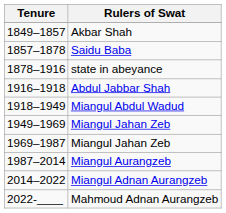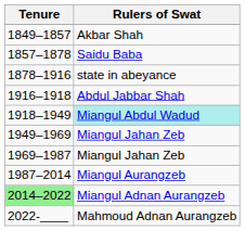 <table class="wikitable">
 <tr>
 <th>Tenure</th>
 <th>Rulers of Swat</th>
 </tr>
 <tr>
 </tr>
 <tr>
 <td>1849–1857</td>
 <td>Akbar Shah</td>
 </tr>
 <tr>
 <td>1857–1878</td>
 <td><a href='#'>Saidu Baba</a></td>
 </tr>
 <tr>
 <td>1878–1916</td>
 <td>state in abeyance</td>
 </tr>
 <tr>
 <td>1916–1918</td>
 <td><a href='#'>Abdul Jabbar Shah</a></td>
 </tr>
 <tr>
 <td>1918–1949</td>
-<td><a href='#'>Miangul Abdul Wadud</a></td>
+<td style="background: paleturquoise;"><a href='#'>Miangul Abdul Wadud</a></td>
 </tr>
 <tr>
 <td>1949–1969</td>
 <td><a href='#'>Miangul Jahan Zeb</a></td>
 </tr>
 <tr>
 <td>1969–1987</td>
 <td>Miangul Jahan Zeb</td>
 </tr>
 <tr>
 <td>1987–2014</td>
 <td><a href='#'>Miangul Aurangzeb</a></td>
 </tr>
 <tr>
-<td>2014–2022</td>
+<td style="background: lightgreen;">2014–2022</td>
 <td><a href='#'>Miangul Adnan Aurangzeb</a></td>
 </tr>
 <tr>
 <td>2022-____</td>
 <td>Mahmoud Adnan Aurangzeb</td>
 </tr>
 </table>
